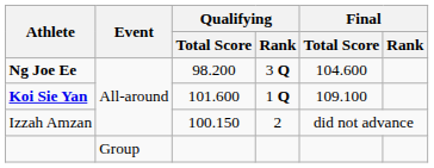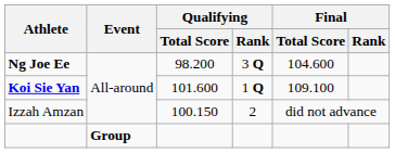 <table class="wikitable" style="font-size: 90%">
 <tr>
 <th rowspan="2">Athlete</th>
 <th rowspan="2">Event</th>
 <th colspan="2">Qualifying</th>
 <th colspan="2">Final</th>
 </tr>
 <tr>
 <th>Total Score</th>
 <th>Rank</th>
 <th>Total Score</th>
 <th>Rank</th>
 </tr>
 <tr align="center">
 <td align="left"><strong>Ng Joe Ee</strong></td>
 <td rowspan="3">All-around</td>
 <td>98.200</td>
 <td>3 <strong>Q</strong></td>
 <td>104.600</td>
 <td></td>
 </tr>
 <tr align="center">
 <td align="left"><strong><a href='#'>Koi Sie Yan</a></strong></td>
 <td>101.600</td>
 <td>1 <strong>Q</strong></td>
 <td>109.100</td>
 <td></td>
 </tr>
 <tr align="center">
 <td align="left">Izzah Amzan</td>
 <td>100.150</td>
 <td>2</td>
 <td colspan=2>did not advance</td>
 </tr>
 <tr>
 <td></td>
-<td>Group</td>
+<td><strong>Group</strong></td>
 <td></td>
 <td></td>
 <td></td>
 <td></td>
 </tr>
 </table>
